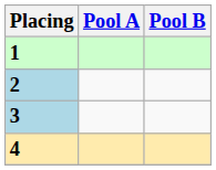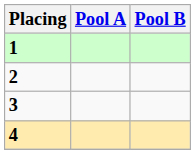 <table class=wikitable style="border:1px solid #AAAAAA;">
 <tr>
 <th>Placing</th>
 <th><a href='#'>Pool A</a></th>
 <th><a href='#'>Pool B</a></th>
 </tr>
 <tr style="background: #ccffcc;">
 <td><strong>1</strong></td>
 <td></td>
 <td></td>
 </tr>
 <tr>
-<td style="background: lightblue;"><strong>2</strong></td>
+<td><strong>2</strong></td>
 <td></td>
 <td></td>
 </tr>
 <tr>
-<td style="background: lightblue;"><strong>3</strong></td>
+<td><strong>3</strong></td>
 <td> </td>
 <td></td>
 </tr>
 <tr style="background: #ffebad;">
 <td><strong>4</strong></td>
 <td></td>
 <td></td>
 </tr>
 <tr>
 </tr>
 </table>
